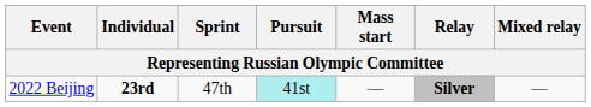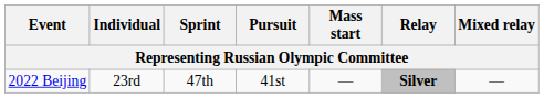 <table class="wikitable" style="text-align: center;">
 <tr>
 <th>Event</th>
 <th style="width:70px;">Individual</th>
 <th style="width:70px;">Sprint</th>
 <th style="width:70px;">Pursuit</th>
 <th style="width:70px;">Mass start</th>
 <th style="width:70px;">Relay</th>
 <th>Mixed relay</th>
 </tr>
 <tr>
 <th colspan=7>Representing  Russian Olympic Committee</th>
 </tr>
 <tr>
 <td align=left> <a href='#'>2022 Beijing</a></td>
-<td><strong>23rd</strong></td>
+<td>23rd</td>
 <td>47th</td>
-<td style="background: paleturquoise;">41st</td>
+<td>41st</td>
 <td>―</td>
 <td style="background:silver;"><strong>Silver</strong></td>
 <td>―</td>
 </tr>
 </table>
